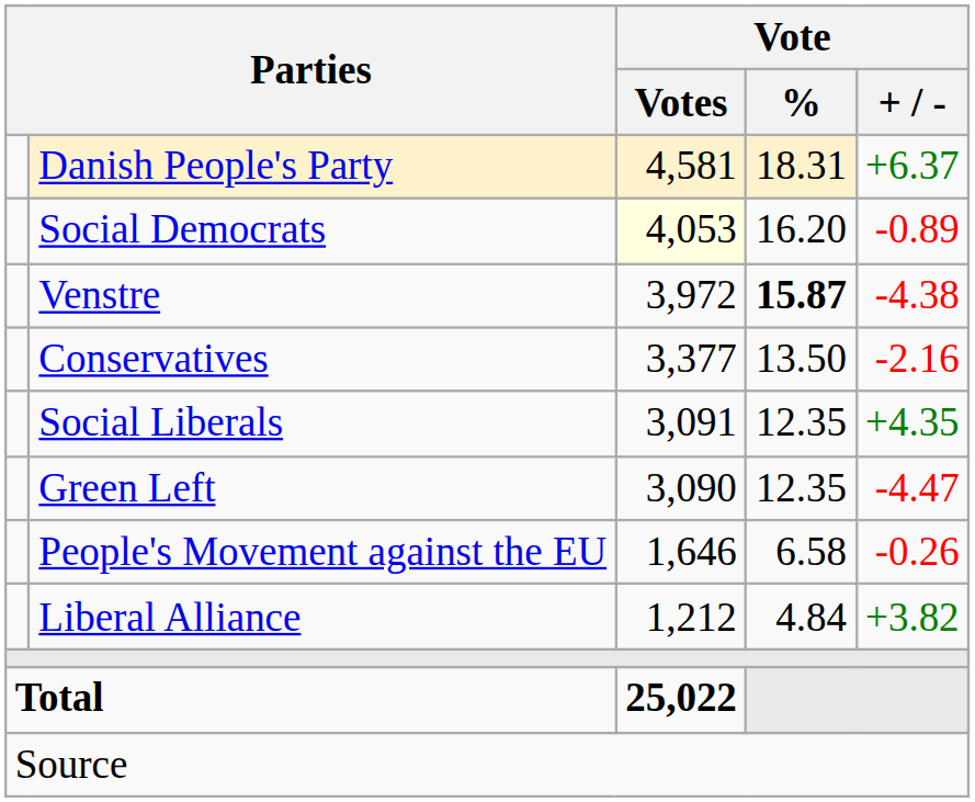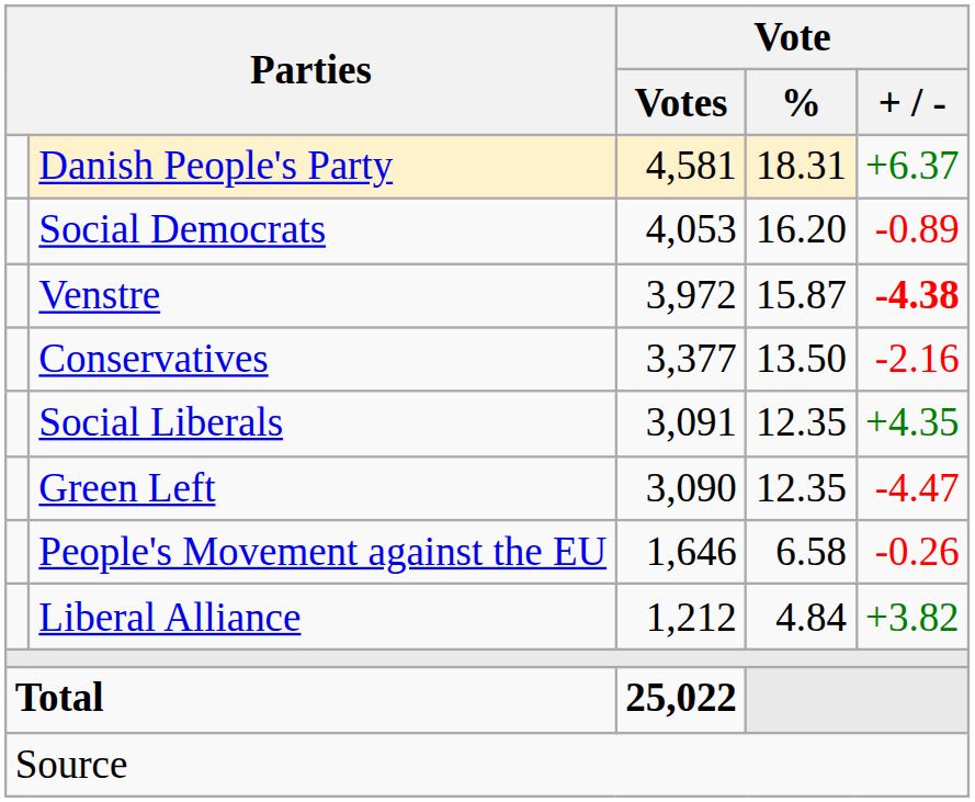 <table class="wikitable" style="text-align:right;">
 <tr>
 <th style="text-align:centre;" rowspan="2" colspan="2" width="225">Parties</th>
 <th colspan="3">Vote</th>
 </tr>
 <tr>
 <th width="15">Votes</th>
 <th width="15">%</th>
 <th width="15">+ / -</th>
 </tr>
 <tr>
 <td width="2" style="color:inherit;background:"></td>
 <td bgcolor=#fef2cc   align="left"><a href='#'>Danish People's Party</a></td>
 <td bgcolor=#fef2cc>4,581</td>
 <td bgcolor=#fef2cc>18.31</td>
 <td style=color:green;>+6.37</td>
 </tr>
 <tr>
 <td width="2" style="color:inherit;background:"></td>
 <td align="left"><a href='#'>Social Democrats</a></td>
-<td style="background: lightyellow;">4,053</td>
+<td>4,053</td>
 <td>16.20</td>
 <td style=color:red;>-0.89</td>
 </tr>
 <tr>
 <td width="2" style="color:inherit;background:"></td>
 <td align="left"><a href='#'>Venstre</a></td>
 <td>3,972</td>
-<td><strong>15.87</strong></td>
-<td style=color:red;>-4.38</td>
+<td>15.87</td>
+<td style=color:red;><strong>-4.38</strong></td>
 </tr>
 <tr>
 <td width="2" style="color:inherit;background:"></td>
 <td align="left"><a href='#'>Conservatives</a></td>
 <td>3,377</td>
 <td>13.50</td>
 <td style=color:red;>-2.16</td>
 </tr>
 <tr>
 <td width="2" style="color:inherit;background:"></td>
 <td align="left"><a href='#'>Social Liberals</a></td>
 <td>3,091</td>
 <td>12.35</td>
 <td style=color:green;>+4.35</td>
 </tr>
 <tr>
 <td width="2" style="color:inherit;background:"></td>
 <td align="left"><a href='#'>Green Left</a></td>
 <td>3,090</td>
 <td>12.35</td>
 <td style=color:red;>-4.47</td>
 </tr>
 <tr>
 <td width="2" style="color:inherit;background:"></td>
 <td align="left"><a href='#'>People's Movement against the EU</a></td>
 <td>1,646</td>
 <td>6.58</td>
 <td style=color:red;>-0.26</td>
 </tr>
 <tr>
 <td width="2" style="color:inherit;background:"></td>
 <td align="left"><a href='#'>Liberal Alliance</a></td>
 <td>1,212</td>
 <td>4.84</td>
 <td style=color:green;>+3.82</td>
 </tr>
 <tr>
 <td colspan="7" bgcolor="#E9E9E9"></td>
 </tr>
 <tr>
 <td align="left" colspan="2"><strong>Total</strong></td>
 <td><strong>25,022</strong></td>
 <td bgcolor="#E9E9E9" colspan="2"></td>
 </tr>
 <tr>
 <td align="left" colspan="6">Source</td>
 </tr>
 </table>
